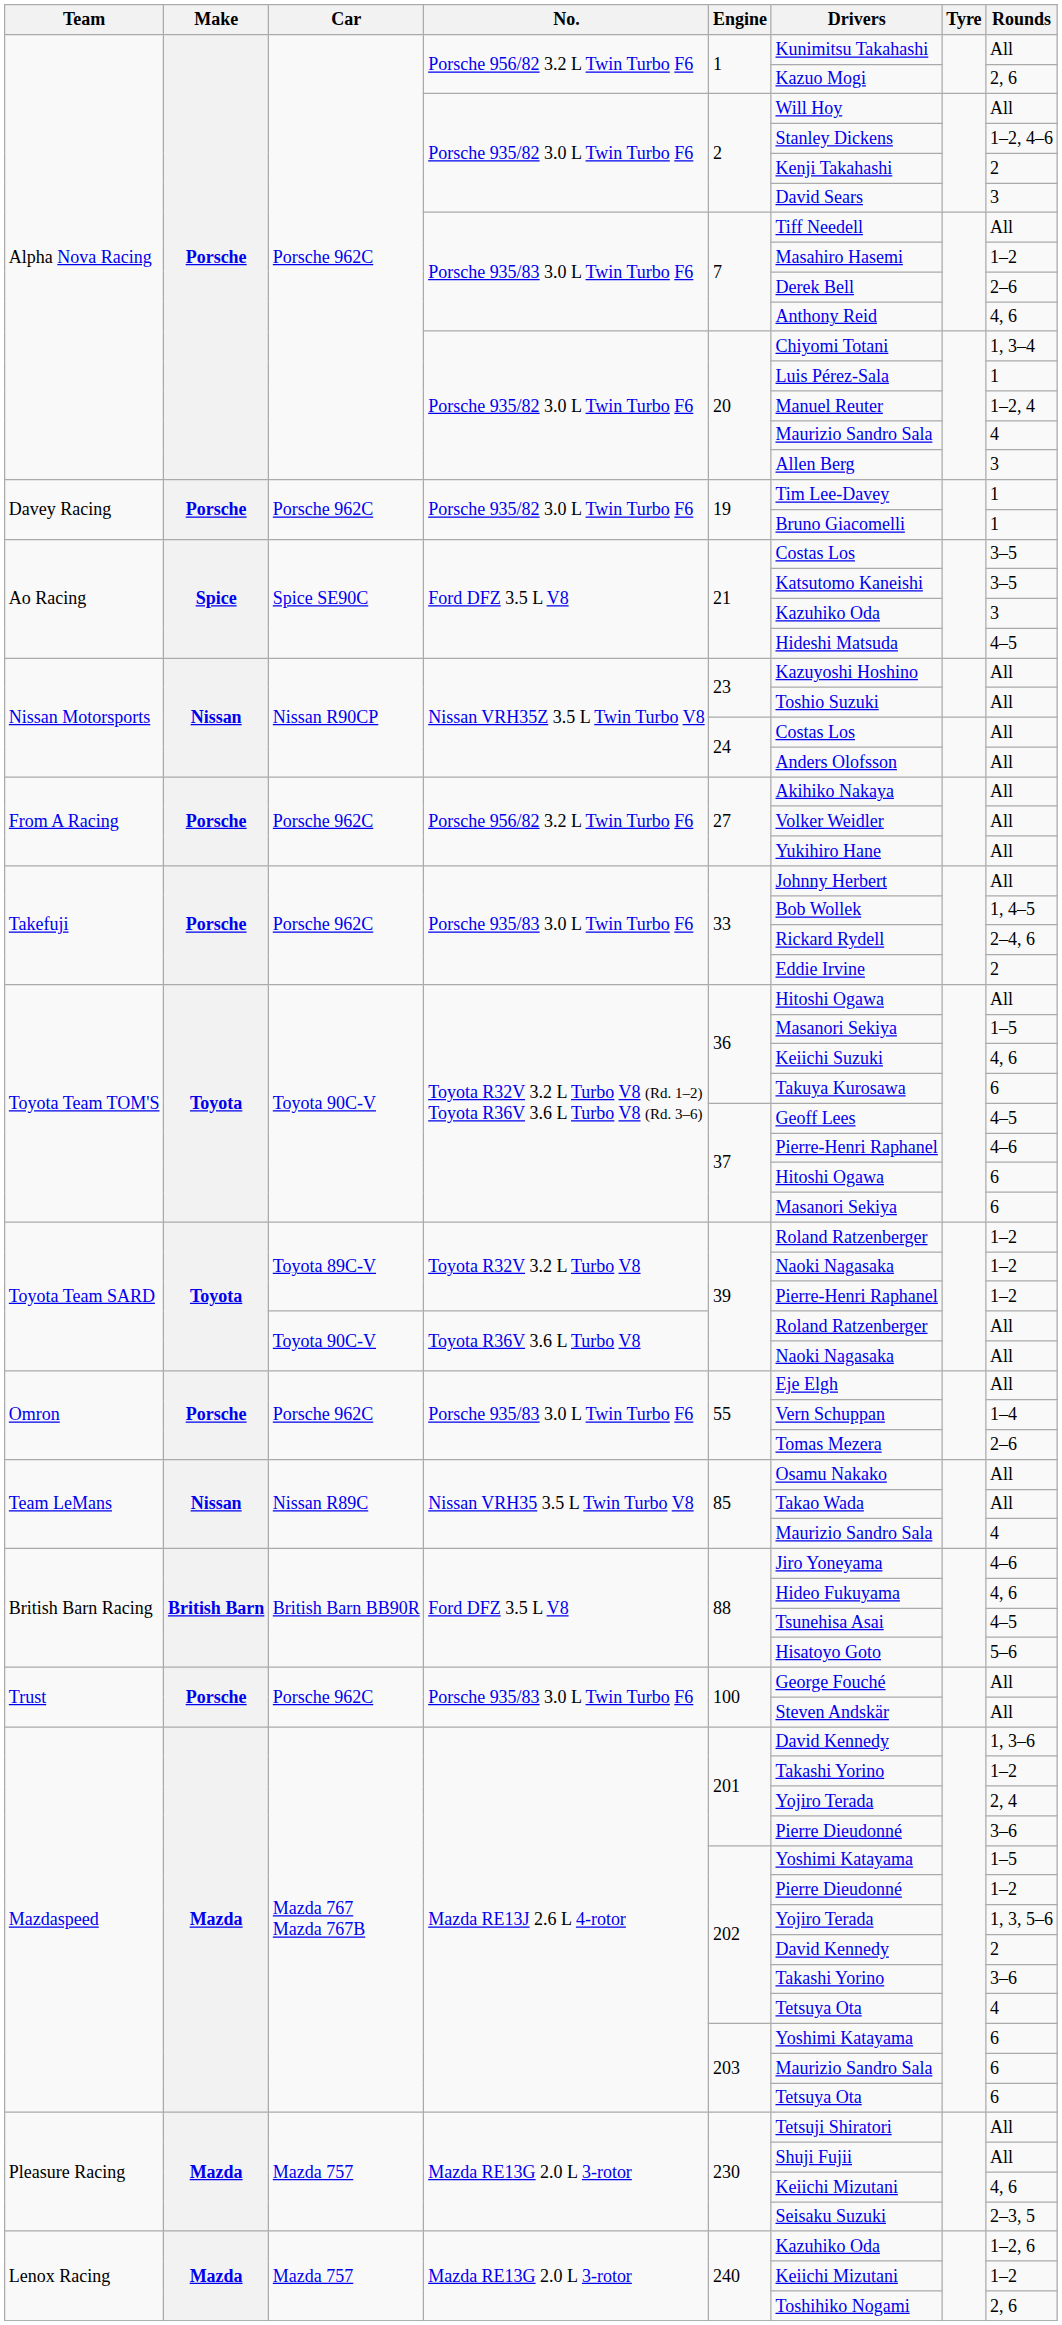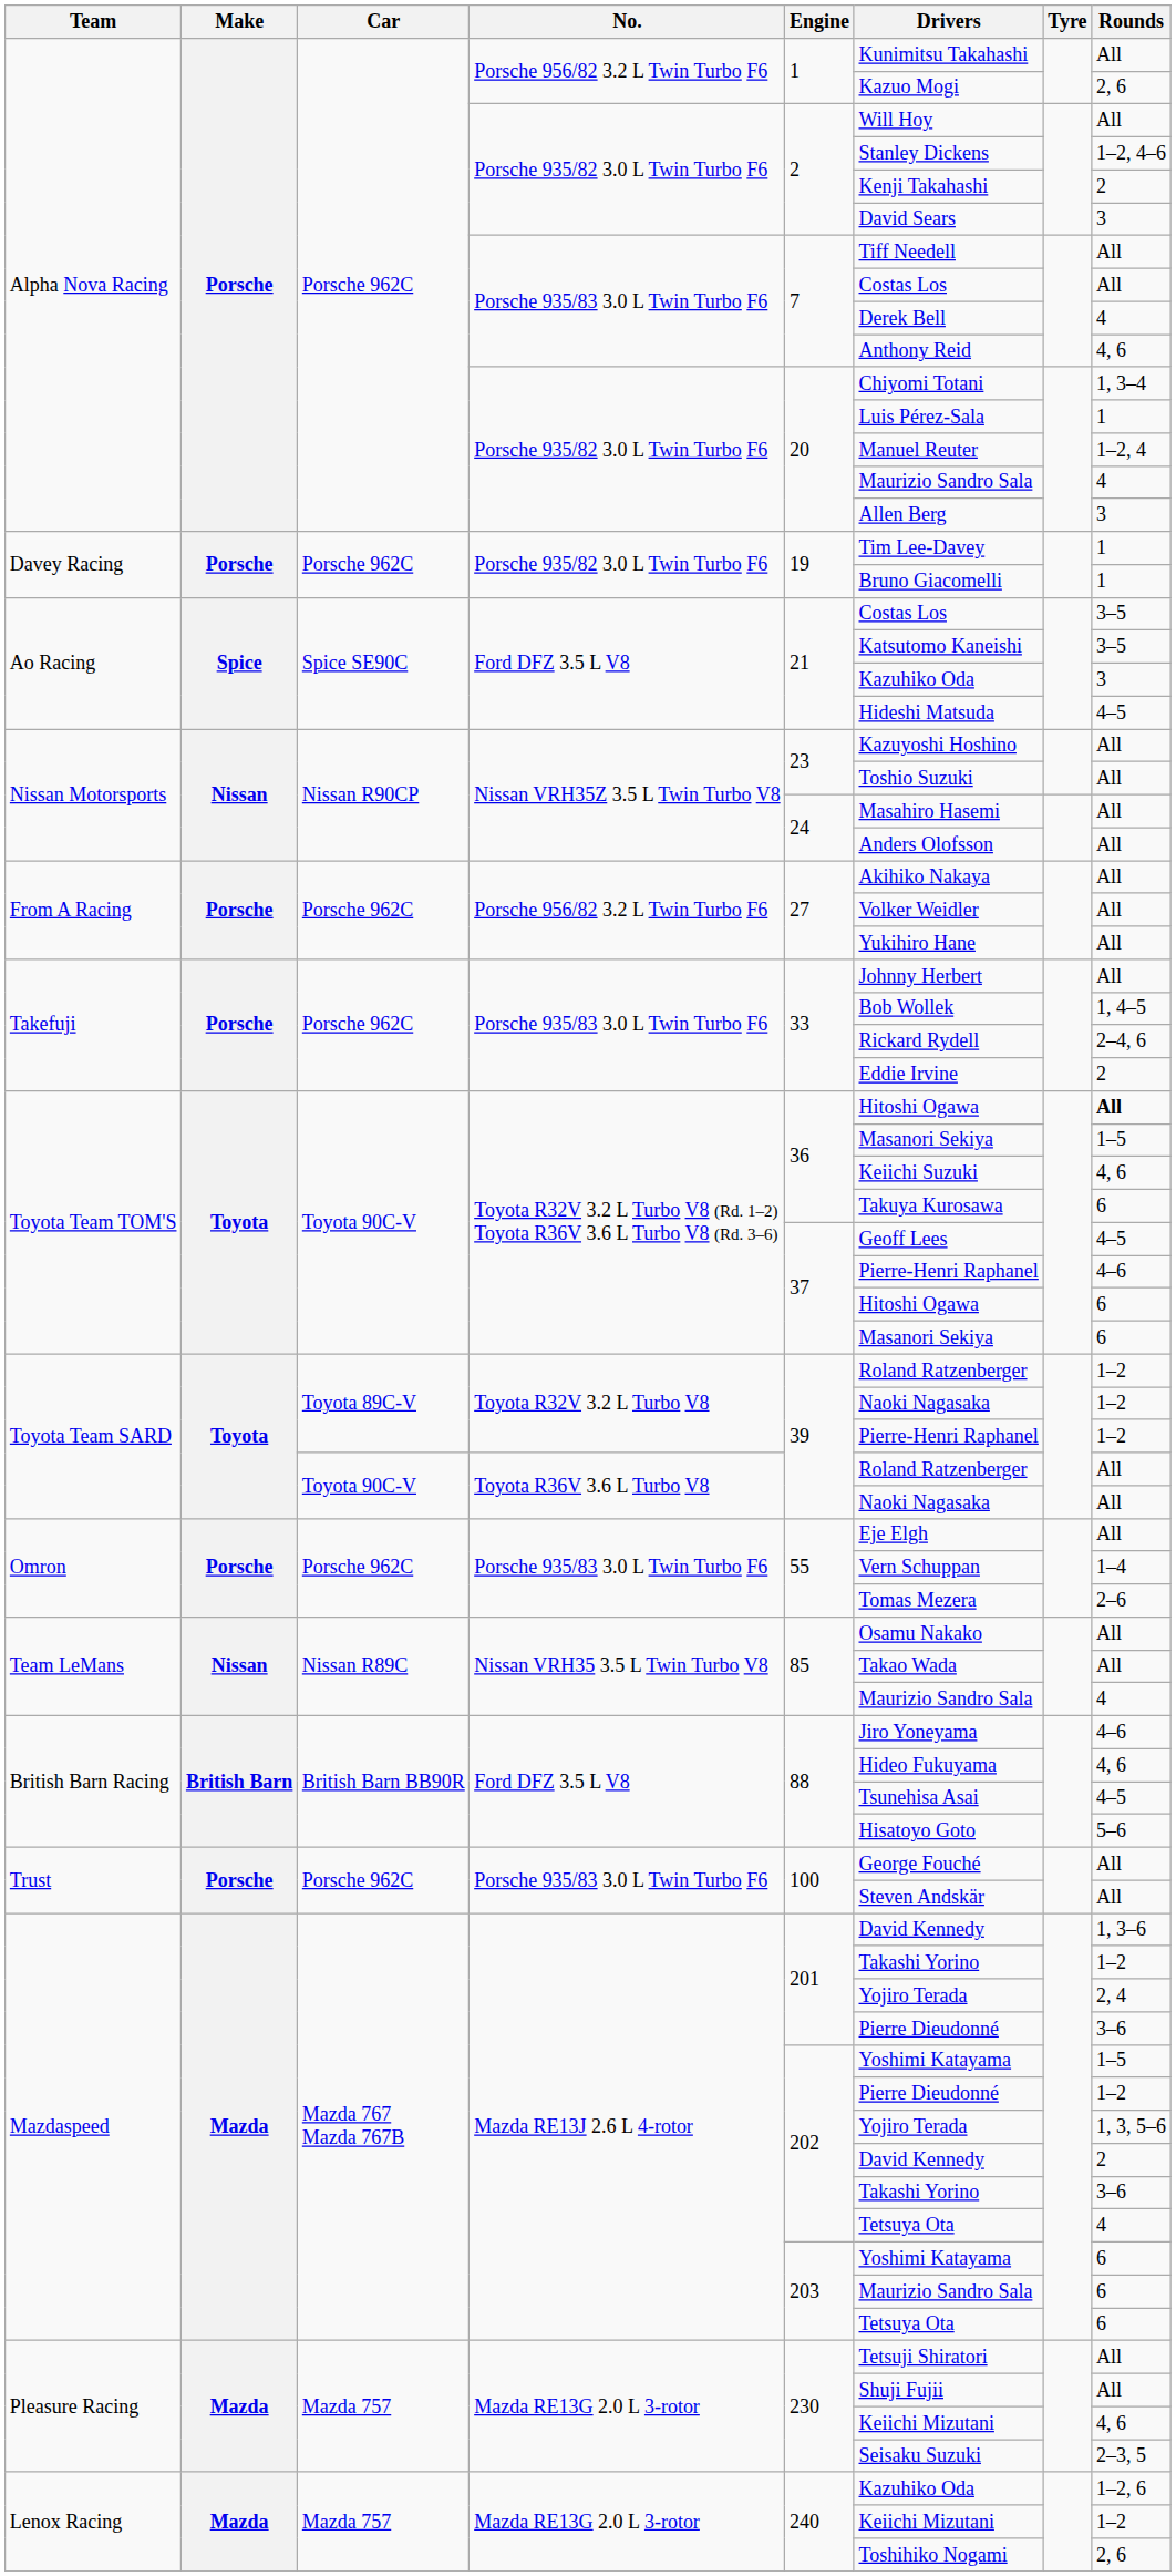 <table class="wikitable" style="font-size: 90%;">
 <tr>
 <th>Team</th>
 <th>Make</th>
 <th>Car</th>
 <th>No.</th>
 <th>Engine</th>
 <th>Drivers</th>
 <th>Tyre</th>
 <th>Rounds</th>
 </tr>
 <tr>
 <td rowspan=15>Alpha <a href='#'>Nova Racing</a></td>
 <th rowspan=15><a href='#'>Porsche</a></th>
 <td rowspan=15><a href='#'>Porsche 962C</a></td>
 <td rowspan=2><a href='#'>Porsche 956/82</a> 3.2 L <a href='#'>Twin Turbo</a> <a href='#'>F6</a></td>
 <td rowspan=2>1</td>
 <td> <a href='#'>Kunimitsu Takahashi</a></td>
 <td align=center rowspan=2></td>
 <td>All</td>
 </tr>
 <tr>
 <td> <a href='#'>Kazuo Mogi</a></td>
 <td>2, 6</td>
 </tr>
 <tr>
 <td rowspan=4><a href='#'>Porsche 935/82</a> 3.0 L <a href='#'>Twin Turbo</a> <a href='#'>F6</a></td>
 <td rowspan=4>2</td>
 <td> <a href='#'>Will Hoy</a></td>
 <td align=center rowspan=4></td>
 <td>All</td>
 </tr>
 <tr>
 <td> <a href='#'>Stanley Dickens</a></td>
 <td>1–2, 4–6</td>
 </tr>
 <tr>
 <td> <a href='#'>Kenji Takahashi</a></td>
 <td>2</td>
 </tr>
 <tr>
 <td> <a href='#'>David Sears</a></td>
 <td>3</td>
 </tr>
 <tr>
 <td rowspan=4><a href='#'>Porsche 935/83</a> 3.0 L <a href='#'>Twin Turbo</a> <a href='#'>F6</a></td>
 <td rowspan=4>7</td>
 <td> <a href='#'>Tiff Needell</a></td>
 <td align=center rowspan=4></td>
 <td>All</td>
 </tr>
 <tr>
-<td> <a href='#'>Masahiro Hasemi</a></td>
-<td>1–2</td>
+<td> <a href='#'>Costas Los</a></td>
+<td>All</td>
 </tr>
 <tr>
 <td> <a href='#'>Derek Bell</a></td>
-<td>2–6</td>
+<td>4</td>
 </tr>
 <tr>
 <td> <a href='#'>Anthony Reid</a></td>
 <td>4, 6</td>
 </tr>
 <tr>
 <td rowspan=5><a href='#'>Porsche 935/82</a> 3.0 L <a href='#'>Twin Turbo</a> <a href='#'>F6</a></td>
 <td rowspan=5>20</td>
 <td> <a href='#'>Chiyomi Totani</a></td>
 <td align=center rowspan=5></td>
 <td>1, 3–4</td>
 </tr>
 <tr>
 <td> <a href='#'>Luis Pérez-Sala</a></td>
 <td>1</td>
 </tr>
 <tr>
 <td> <a href='#'>Manuel Reuter</a></td>
 <td>1–2, 4</td>
 </tr>
 <tr>
 <td> <a href='#'>Maurizio Sandro Sala</a></td>
 <td>4</td>
 </tr>
 <tr>
 <td> <a href='#'>Allen Berg</a></td>
 <td>3</td>
 </tr>
 <tr>
 <td rowspan=2>Davey Racing</td>
 <th rowspan=2><a href='#'>Porsche</a></th>
 <td rowspan=2><a href='#'>Porsche 962C</a></td>
 <td rowspan=2><a href='#'>Porsche 935/82</a> 3.0 L <a href='#'>Twin Turbo</a> <a href='#'>F6</a></td>
 <td rowspan=2>19</td>
 <td> <a href='#'>Tim Lee-Davey</a></td>
 <td align=center rowspan=2></td>
 <td>1</td>
 </tr>
 <tr>
 <td> <a href='#'>Bruno Giacomelli</a></td>
 <td>1</td>
 </tr>
 <tr>
 <td rowspan=4>Ao Racing</td>
 <th rowspan=4><a href='#'>Spice</a></th>
 <td rowspan=4><a href='#'>Spice SE90C</a></td>
 <td rowspan=4><a href='#'>Ford DFZ</a> 3.5 L <a href='#'>V8</a></td>
 <td rowspan=4>21</td>
 <td> <a href='#'>Costas Los</a></td>
 <td align=center rowspan=4></td>
 <td>3–5</td>
 </tr>
 <tr>
 <td> <a href='#'>Katsutomo Kaneishi</a></td>
 <td>3–5</td>
 </tr>
 <tr>
 <td> <a href='#'>Kazuhiko Oda</a></td>
 <td>3</td>
 </tr>
 <tr>
 <td> <a href='#'>Hideshi Matsuda</a></td>
 <td>4–5</td>
 </tr>
 <tr>
 <td rowspan=4><a href='#'>Nissan Motorsports</a></td>
 <th rowspan=4><a href='#'>Nissan</a></th>
 <td rowspan=4><a href='#'>Nissan R90CP</a></td>
 <td rowspan=4><a href='#'>Nissan VRH35Z</a> 3.5 L <a href='#'>Twin Turbo</a> <a href='#'>V8</a></td>
 <td rowspan=2>23</td>
 <td> <a href='#'>Kazuyoshi Hoshino</a></td>
 <td align=center rowspan=2><br></td>
 <td>All</td>
 </tr>
 <tr>
 <td> <a href='#'>Toshio Suzuki</a></td>
 <td>All</td>
 </tr>
 <tr>
 <td rowspan=2>24</td>
-<td> <a href='#'>Costas Los</a></td>
+<td> <a href='#'>Masahiro Hasemi</a></td>
 <td align=center rowspan=2></td>
 <td>All</td>
 </tr>
 <tr>
 <td> <a href='#'>Anders Olofsson</a></td>
 <td>All</td>
 </tr>
 <tr>
 <td rowspan=3><a href='#'>From A Racing</a></td>
 <th rowspan=3><a href='#'>Porsche</a></th>
 <td rowspan=3><a href='#'>Porsche 962C</a></td>
 <td rowspan=3><a href='#'>Porsche 956/82</a> 3.2 L <a href='#'>Twin Turbo</a> <a href='#'>F6</a></td>
 <td rowspan=3>27</td>
 <td> <a href='#'>Akihiko Nakaya</a></td>
 <td align=center rowspan=3></td>
 <td>All</td>
 </tr>
 <tr>
 <td> <a href='#'>Volker Weidler</a></td>
 <td>All</td>
 </tr>
 <tr>
 <td> <a href='#'>Yukihiro Hane</a></td>
 <td>All</td>
 </tr>
 <tr>
 <td rowspan=4><a href='#'>Takefuji</a> </td>
 <th rowspan=4><a href='#'>Porsche</a></th>
 <td rowspan=4><a href='#'>Porsche 962C</a></td>
 <td rowspan=4><a href='#'>Porsche 935/83</a> 3.0 L <a href='#'>Twin Turbo</a> <a href='#'>F6</a></td>
 <td rowspan=4>33</td>
 <td> <a href='#'>Johnny Herbert</a></td>
 <td align=center rowspan=4></td>
 <td>All</td>
 </tr>
 <tr>
 <td> <a href='#'>Bob Wollek</a></td>
 <td>1, 4–5</td>
 </tr>
 <tr>
 <td> <a href='#'>Rickard Rydell</a></td>
 <td>2–4, 6</td>
 </tr>
 <tr>
 <td> <a href='#'>Eddie Irvine</a></td>
 <td>2</td>
 </tr>
 <tr>
 <td rowspan=8><a href='#'>Toyota Team TOM'S</a></td>
 <th rowspan=8><a href='#'>Toyota</a></th>
 <td rowspan=8><a href='#'>Toyota 90C-V</a></td>
 <td rowspan=8><a href='#'>Toyota R32V</a> 3.2 L <a href='#'>Turbo</a> <a href='#'>V8</a> <small>(Rd. 1–2)</small><br><a href='#'>Toyota R36V</a> 3.6 L <a href='#'>Turbo</a> <a href='#'>V8</a> <small>(Rd. 3–6)</small></td>
 <td rowspan=4>36</td>
 <td> <a href='#'>Hitoshi Ogawa</a></td>
 <td align=center rowspan=8></td>
-<td>All</td>
+<td><strong>All</strong></td>
 </tr>
 <tr>
 <td> <a href='#'>Masanori Sekiya</a></td>
 <td>1–5</td>
 </tr>
 <tr>
 <td> <a href='#'>Keiichi Suzuki</a></td>
 <td>4, 6</td>
 </tr>
 <tr>
 <td> <a href='#'>Takuya Kurosawa</a></td>
 <td>6</td>
 </tr>
 <tr>
 <td rowspan=4>37</td>
 <td> <a href='#'>Geoff Lees</a></td>
 <td>4–5</td>
 </tr>
 <tr>
 <td> <a href='#'>Pierre-Henri Raphanel</a></td>
 <td>4–6</td>
 </tr>
 <tr>
 <td> <a href='#'>Hitoshi Ogawa</a></td>
 <td>6</td>
 </tr>
 <tr>
 <td> <a href='#'>Masanori Sekiya</a></td>
 <td>6</td>
 </tr>
 <tr>
 <td rowspan=5><a href='#'>Toyota Team SARD</a></td>
 <th rowspan=5><a href='#'>Toyota</a></th>
 <td rowspan=3><a href='#'>Toyota 89C-V</a></td>
 <td rowspan=3><a href='#'>Toyota R32V</a> 3.2 L <a href='#'>Turbo</a> <a href='#'>V8</a></td>
 <td rowspan=5>39</td>
 <td> <a href='#'>Roland Ratzenberger</a></td>
 <td align=center rowspan=5></td>
 <td>1–2</td>
 </tr>
 <tr>
 <td> <a href='#'>Naoki Nagasaka</a></td>
 <td>1–2</td>
 </tr>
 <tr>
 <td> <a href='#'>Pierre-Henri Raphanel</a></td>
 <td>1–2</td>
 </tr>
 <tr>
 <td rowspan=2><a href='#'>Toyota 90C-V</a></td>
 <td rowspan=2><a href='#'>Toyota R36V</a> 3.6 L <a href='#'>Turbo</a> <a href='#'>V8</a></td>
 <td> <a href='#'>Roland Ratzenberger</a></td>
 <td>All</td>
 </tr>
 <tr>
 <td> <a href='#'>Naoki Nagasaka</a></td>
 <td>All</td>
 </tr>
 <tr>
 <td rowspan=3><a href='#'>Omron</a> </td>
 <th rowspan=3><a href='#'>Porsche</a></th>
 <td rowspan=3><a href='#'>Porsche 962C</a></td>
 <td rowspan=3><a href='#'>Porsche 935/83</a> 3.0 L <a href='#'>Twin Turbo</a> <a href='#'>F6</a></td>
 <td rowspan=3>55</td>
 <td> <a href='#'>Eje Elgh</a></td>
 <td align=center rowspan=3></td>
 <td>All</td>
 </tr>
 <tr>
 <td> <a href='#'>Vern Schuppan</a></td>
 <td>1–4</td>
 </tr>
 <tr>
 <td> <a href='#'>Tomas Mezera</a></td>
 <td>2–6</td>
 </tr>
 <tr>
 <td rowspan=3><a href='#'>Team LeMans</a></td>
 <th rowspan=3><a href='#'>Nissan</a></th>
 <td rowspan=3><a href='#'>Nissan R89C</a></td>
 <td rowspan=3><a href='#'>Nissan VRH35</a> 3.5 L <a href='#'>Twin Turbo</a> <a href='#'>V8</a></td>
 <td rowspan=3>85</td>
 <td> <a href='#'>Osamu Nakako</a></td>
 <td align=center rowspan=3></td>
 <td>All</td>
 </tr>
 <tr>
 <td> <a href='#'>Takao Wada</a></td>
 <td>All</td>
 </tr>
 <tr>
 <td> <a href='#'>Maurizio Sandro Sala</a></td>
 <td>4</td>
 </tr>
 <tr>
 <td rowspan=4>British Barn Racing</td>
 <th rowspan=4><a href='#'>British Barn</a></th>
 <td rowspan=4><a href='#'>British Barn BB90R</a></td>
 <td rowspan=4><a href='#'>Ford DFZ</a> 3.5 L <a href='#'>V8</a></td>
 <td rowspan=4>88</td>
 <td> <a href='#'>Jiro Yoneyama</a></td>
 <td align=center rowspan=4></td>
 <td>4–6</td>
 </tr>
 <tr>
 <td> <a href='#'>Hideo Fukuyama</a></td>
 <td>4, 6</td>
 </tr>
 <tr>
 <td> <a href='#'>Tsunehisa Asai</a></td>
 <td>4–5</td>
 </tr>
 <tr>
 <td> <a href='#'>Hisatoyo Goto</a></td>
 <td>5–6</td>
 </tr>
 <tr>
 <td rowspan=2><a href='#'>Trust</a> </td>
 <th rowspan=2><a href='#'>Porsche</a></th>
 <td rowspan=2><a href='#'>Porsche 962C</a></td>
 <td rowspan=2><a href='#'>Porsche 935/83</a> 3.0 L <a href='#'>Twin Turbo</a> <a href='#'>F6</a></td>
 <td rowspan=2>100</td>
 <td> <a href='#'>George Fouché</a></td>
 <td align=center rowspan=2></td>
 <td>All</td>
 </tr>
 <tr>
 <td> <a href='#'>Steven Andskär</a></td>
 <td>All</td>
 </tr>
 <tr>
 <td rowspan=13><a href='#'>Mazdaspeed</a></td>
 <th rowspan=13><a href='#'>Mazda</a></th>
 <td rowspan=13><a href='#'>Mazda 767</a><br><a href='#'>Mazda 767B</a></td>
 <td rowspan=13><a href='#'>Mazda RE13J</a> 2.6 L <a href='#'>4-rotor</a></td>
 <td rowspan=4>201</td>
 <td> <a href='#'>David Kennedy</a></td>
 <td align=center rowspan=13></td>
 <td>1, 3–6</td>
 </tr>
 <tr>
 <td> <a href='#'>Takashi Yorino</a></td>
 <td>1–2</td>
 </tr>
 <tr>
 <td> <a href='#'>Yojiro Terada</a></td>
 <td>2, 4</td>
 </tr>
 <tr>
 <td> <a href='#'>Pierre Dieudonné</a></td>
 <td>3–6</td>
 </tr>
 <tr>
 <td rowspan=6>202</td>
 <td> <a href='#'>Yoshimi Katayama</a></td>
 <td>1–5</td>
 </tr>
 <tr>
 <td> <a href='#'>Pierre Dieudonné</a></td>
 <td>1–2</td>
 </tr>
 <tr>
 <td> <a href='#'>Yojiro Terada</a></td>
 <td>1, 3, 5–6</td>
 </tr>
 <tr>
 <td> <a href='#'>David Kennedy</a></td>
 <td>2</td>
 </tr>
 <tr>
 <td> <a href='#'>Takashi Yorino</a></td>
 <td>3–6</td>
 </tr>
 <tr>
 <td> <a href='#'>Tetsuya Ota</a></td>
 <td>4</td>
 </tr>
 <tr>
 <td rowspan=3>203</td>
 <td> <a href='#'>Yoshimi Katayama</a></td>
 <td>6</td>
 </tr>
 <tr>
 <td> <a href='#'>Maurizio Sandro Sala</a></td>
 <td>6</td>
 </tr>
 <tr>
 <td> <a href='#'>Tetsuya Ota</a></td>
 <td>6</td>
 </tr>
 <tr>
 <td rowspan=4>Pleasure Racing</td>
 <th rowspan=4><a href='#'>Mazda</a></th>
 <td rowspan=4><a href='#'>Mazda 757</a></td>
 <td rowspan=4><a href='#'>Mazda RE13G</a> 2.0 L <a href='#'>3-rotor</a></td>
 <td rowspan=4>230</td>
 <td> <a href='#'>Tetsuji Shiratori</a></td>
 <td align=center rowspan=4></td>
 <td>All</td>
 </tr>
 <tr>
 <td> <a href='#'>Shuji Fujii</a></td>
 <td>All</td>
 </tr>
 <tr>
 <td> <a href='#'>Keiichi Mizutani</a></td>
 <td>4, 6</td>
 </tr>
 <tr>
 <td> <a href='#'>Seisaku Suzuki</a></td>
 <td>2–3, 5</td>
 </tr>
 <tr>
 <td rowspan=3>Lenox Racing</td>
 <th rowspan=3><a href='#'>Mazda</a></th>
 <td rowspan=3><a href='#'>Mazda 757</a></td>
 <td rowspan=3><a href='#'>Mazda RE13G</a> 2.0 L <a href='#'>3-rotor</a></td>
 <td rowspan=3>240</td>
 <td> <a href='#'>Kazuhiko Oda</a></td>
 <td align=center rowspan=3></td>
 <td>1–2, 6</td>
 </tr>
 <tr>
 <td> <a href='#'>Keiichi Mizutani</a></td>
 <td>1–2</td>
 </tr>
 <tr>
 <td> <a href='#'>Toshihiko Nogami</a></td>
 <td>2, 6</td>
 </tr>
 <tr>
 </tr>
 </table>
